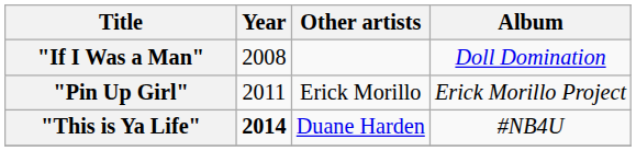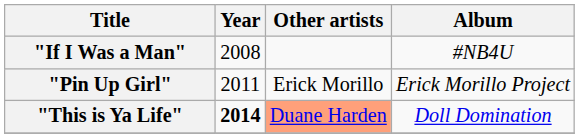 <table class="wikitable plainrowheaders" style="text-align:center;">
 <tr>
 <th scope="col" style="width:10em;">Title</th>
 <th scope="col">Year</th>
 <th scope="col">Other artists</th>
 <th scope="col">Album</th>
 </tr>
 <tr>
 <th scope="row">"If I Was a Man"</th>
 <td>2008</td>
 <td></td>
-<td><em><a href='#'>Doll Domination</a></em></td>
+<td><em>#NB4U</em></td>
 </tr>
 <tr>
 <th scope="row">"Pin Up Girl"</th>
 <td>2011</td>
 <td>Erick Morillo</td>
 <td><em>Erick Morillo Project</em></td>
 </tr>
 <tr>
 <th scope="row">"This is Ya Life"</th>
 <td><strong>2014</strong></td>
-<td><a href='#'>Duane Harden</a></td>
-<td><em>#NB4U</em></td>
+<td style="background: lightsalmon;"><a href='#'>Duane Harden</a></td>
+<td><em><a href='#'>Doll Domination</a></em></td>
 </tr>
 <tr>
 </tr>
 </table>
